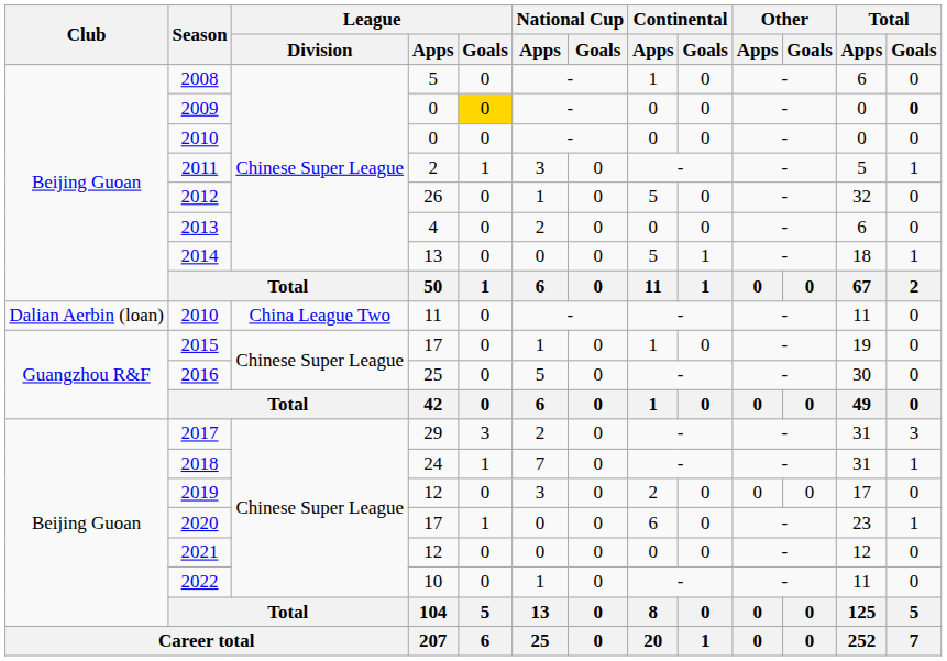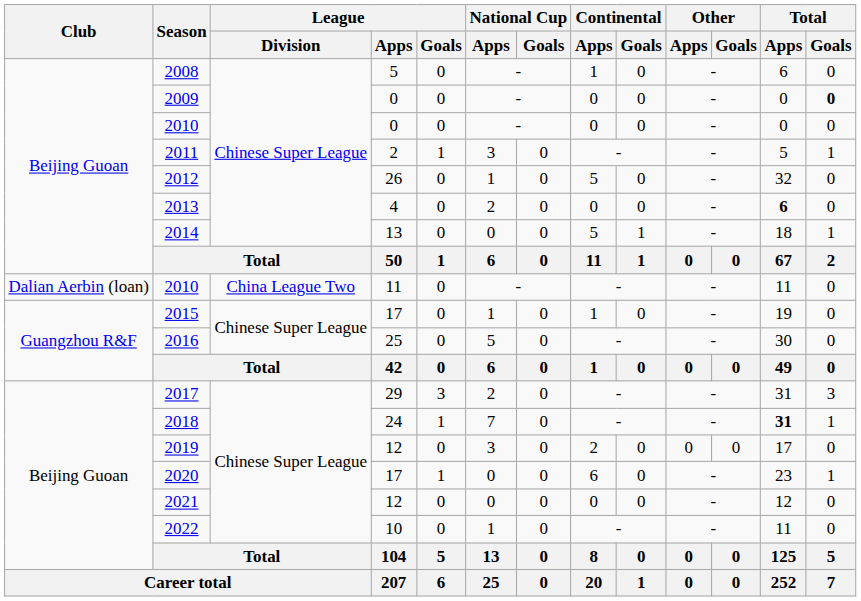 <table class="wikitable" style="text-align: center">
 <tr>
 <th rowspan="2">Club</th>
 <th rowspan="2">Season</th>
 <th colspan="3">League</th>
 <th colspan="2">National Cup</th>
 <th colspan="2">Continental</th>
 <th colspan="2">Other</th>
 <th colspan="2">Total</th>
 </tr>
 <tr>
 <th>Division</th>
 <th>Apps</th>
 <th>Goals</th>
 <th>Apps</th>
 <th>Goals</th>
 <th>Apps</th>
 <th>Goals</th>
 <th>Apps</th>
 <th>Goals</th>
 <th>Apps</th>
 <th>Goals</th>
 </tr>
 <tr>
 <td rowspan=8><a href='#'>Beijing Guoan</a></td>
 <td><a href='#'>2008</a></td>
 <td rowspan=7><a href='#'>Chinese Super League</a></td>
 <td>5</td>
 <td>0</td>
 <td colspan="2">-</td>
 <td>1</td>
 <td>0</td>
 <td colspan="2">-</td>
 <td>6</td>
 <td>0</td>
 </tr>
 <tr>
 <td><a href='#'>2009</a></td>
 <td>0</td>
-<td style="background: gold;">0</td>
+<td>0</td>
 <td colspan="2">-</td>
 <td>0</td>
 <td>0</td>
 <td colspan="2">-</td>
 <td>0</td>
 <td><strong>0</strong></td>
 </tr>
 <tr>
 <td><a href='#'>2010</a></td>
 <td>0</td>
 <td>0</td>
 <td colspan="2">-</td>
 <td>0</td>
 <td>0</td>
 <td colspan="2">-</td>
 <td>0</td>
 <td>0</td>
 </tr>
 <tr>
 <td><a href='#'>2011</a></td>
 <td>2</td>
 <td>1</td>
 <td>3</td>
 <td>0</td>
 <td colspan="2">-</td>
 <td colspan="2">-</td>
 <td>5</td>
 <td>1</td>
 </tr>
 <tr>
 <td><a href='#'>2012</a></td>
 <td>26</td>
 <td>0</td>
 <td>1</td>
 <td>0</td>
 <td>5</td>
 <td>0</td>
 <td colspan="2">-</td>
 <td>32</td>
 <td>0</td>
 </tr>
 <tr>
 <td><a href='#'>2013</a></td>
 <td>4</td>
 <td>0</td>
 <td>2</td>
 <td>0</td>
 <td>0</td>
 <td>0</td>
 <td colspan="2">-</td>
-<td>6</td>
+<td><strong>6</strong></td>
 <td>0</td>
 </tr>
 <tr>
 <td><a href='#'>2014</a></td>
 <td>13</td>
 <td>0</td>
 <td>0</td>
 <td>0</td>
 <td>5</td>
 <td>1</td>
 <td colspan="2">-</td>
 <td>18</td>
 <td>1</td>
 </tr>
 <tr>
 <th colspan="2">Total</th>
 <th>50</th>
 <th>1</th>
 <th>6</th>
 <th>0</th>
 <th>11</th>
 <th>1</th>
 <th>0</th>
 <th>0</th>
 <th>67</th>
 <th>2</th>
 </tr>
 <tr>
 <td><a href='#'>Dalian Aerbin</a> (loan)</td>
 <td><a href='#'>2010</a></td>
 <td><a href='#'>China League Two</a></td>
 <td>11</td>
 <td>0</td>
 <td colspan="2">-</td>
 <td colspan="2">-</td>
 <td colspan="2">-</td>
 <td>11</td>
 <td>0</td>
 </tr>
 <tr>
 <td rowspan="3"><a href='#'>Guangzhou R&F</a></td>
 <td><a href='#'>2015</a></td>
 <td rowspan="2">Chinese Super League</td>
 <td>17</td>
 <td>0</td>
 <td>1</td>
 <td>0</td>
 <td>1</td>
 <td>0</td>
 <td colspan="2">-</td>
 <td>19</td>
 <td>0</td>
 </tr>
 <tr>
 <td><a href='#'>2016</a></td>
 <td>25</td>
 <td>0</td>
 <td>5</td>
 <td>0</td>
 <td colspan="2">-</td>
 <td colspan="2">-</td>
 <td>30</td>
 <td>0</td>
 </tr>
 <tr>
 <th colspan="2">Total</th>
 <th>42</th>
 <th>0</th>
 <th>6</th>
 <th>0</th>
 <th>1</th>
 <th>0</th>
 <th>0</th>
 <th>0</th>
 <th>49</th>
 <th>0</th>
 </tr>
 <tr>
 <td rowspan="7">Beijing Guoan</td>
 <td><a href='#'>2017</a></td>
 <td rowspan="6">Chinese Super League</td>
 <td>29</td>
 <td>3</td>
 <td>2</td>
 <td>0</td>
 <td colspan="2">-</td>
 <td colspan="2">-</td>
 <td>31</td>
 <td>3</td>
 </tr>
 <tr>
 <td><a href='#'>2018</a></td>
 <td>24</td>
 <td>1</td>
 <td>7</td>
 <td>0</td>
 <td colspan="2">-</td>
 <td colspan="2">-</td>
-<td>31</td>
+<td><strong>31</strong></td>
 <td>1</td>
 </tr>
 <tr>
 <td><a href='#'>2019</a></td>
 <td>12</td>
 <td>0</td>
 <td>3</td>
 <td>0</td>
 <td>2</td>
 <td>0</td>
 <td>0</td>
 <td>0</td>
 <td>17</td>
 <td>0</td>
 </tr>
 <tr>
 <td><a href='#'>2020</a></td>
 <td>17</td>
 <td>1</td>
 <td>0</td>
 <td>0</td>
 <td>6</td>
 <td>0</td>
 <td colspan="2">-</td>
 <td>23</td>
 <td>1</td>
 </tr>
 <tr>
 <td><a href='#'>2021</a></td>
 <td>12</td>
 <td>0</td>
 <td>0</td>
 <td>0</td>
 <td>0</td>
 <td>0</td>
 <td colspan="2">-</td>
 <td>12</td>
 <td>0</td>
 </tr>
 <tr>
 <td><a href='#'>2022</a></td>
 <td>10</td>
 <td>0</td>
 <td>1</td>
 <td>0</td>
 <td colspan="2">-</td>
 <td colspan="2">-</td>
 <td>11</td>
 <td>0</td>
 </tr>
 <tr>
 <th colspan="2">Total</th>
 <th>104</th>
 <th>5</th>
 <th>13</th>
 <th>0</th>
 <th>8</th>
 <th>0</th>
 <th>0</th>
 <th>0</th>
 <th>125</th>
 <th>5</th>
 </tr>
 <tr>
 <th colspan=3>Career total</th>
 <th>207</th>
 <th>6</th>
 <th>25</th>
 <th>0</th>
 <th>20</th>
 <th>1</th>
 <th>0</th>
 <th>0</th>
 <th>252</th>
 <th>7</th>
 </tr>
 </table>
